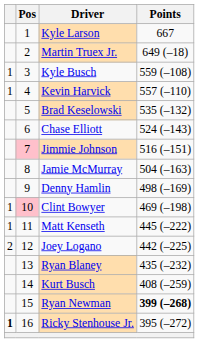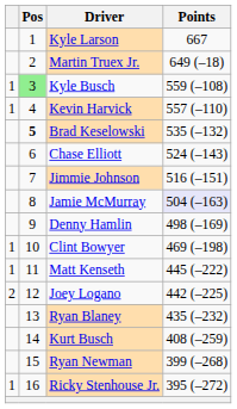 <table class="wikitable" style="font-size: 95%">
 <tr>
 <th></th>
 <th>Pos</th>
 <th>Driver</th>
 <th>Points</th>
 </tr>
 <tr>
 <td align="left"></td>
 <td style="text-align:center;">1</td>
 <td style="background:#FFDEAD;"><a href='#'>Kyle Larson</a></td>
 <td style="text-align:center;">667</td>
 </tr>
 <tr>
 <td align="left"></td>
 <td style="text-align:center;">2</td>
 <td style="background:#FFDEAD;"><a href='#'>Martin Truex Jr.</a></td>
 <td style="text-align:center;">649 (–18)</td>
 </tr>
 <tr>
 <td align="left"> 1</td>
-<td style="text-align:center;">3</td>
+<td style="background: lightgreen; text-align:center;">3</td>
 <td><a href='#'>Kyle Busch</a></td>
 <td style="text-align:center;">559 (–108)</td>
 </tr>
 <tr>
 <td align="left"> 1</td>
 <td style="text-align:center;">4</td>
 <td style="background:#FFDEAD;"><a href='#'>Kevin Harvick</a></td>
 <td style="text-align:center;">557 (–110)</td>
 </tr>
 <tr>
 <td align="left"></td>
-<td style="text-align:center;">5</td>
+<td style="text-align:center;"><strong>5</strong></td>
 <td style="background:#FFDEAD;"><a href='#'>Brad Keselowski</a></td>
 <td style="text-align:center;">535 (–132)</td>
 </tr>
 <tr>
 <td align="left"></td>
 <td style="text-align:center;">6</td>
 <td><a href='#'>Chase Elliott</a></td>
 <td style="text-align:center;">524 (–143)</td>
 </tr>
 <tr>
 <td align="left"></td>
-<td style="background: pink; text-align:center;">7</td>
+<td style="text-align:center;">7</td>
 <td style="background:#FFDEAD;"><a href='#'>Jimmie Johnson</a></td>
 <td style="text-align:center;">516 (–151)</td>
 </tr>
 <tr>
 <td align="left"></td>
 <td style="text-align:center;">8</td>
 <td><a href='#'>Jamie McMurray</a></td>
-<td style="text-align:center;">504 (–163)</td>
+<td style="background: lavender; text-align:center;">504 (–163)</td>
 </tr>
 <tr>
 <td align="left"></td>
 <td style="text-align:center;">9</td>
 <td><a href='#'>Denny Hamlin</a></td>
 <td style="text-align:center;">498 (–169)</td>
 </tr>
 <tr>
 <td align="left"> 1</td>
-<td style="background: pink; text-align:center;">10</td>
+<td style="text-align:center;">10</td>
 <td><a href='#'>Clint Bowyer</a></td>
 <td style="text-align:center;">469 (–198)</td>
 </tr>
 <tr>
 <td align="left"> 1</td>
 <td style="text-align:center;">11</td>
 <td><a href='#'>Matt Kenseth</a></td>
 <td style="text-align:center;">445 (–222)</td>
 </tr>
 <tr>
 <td align="left"> 2</td>
 <td style="text-align:center;">12</td>
 <td><a href='#'>Joey Logano</a></td>
 <td style="text-align:center;">442 (–225)</td>
 </tr>
 <tr>
 <td align="left"></td>
 <td style="text-align:center;">13</td>
 <td style="background:#FFDEAD;"><a href='#'>Ryan Blaney</a></td>
 <td style="text-align:center;">435 (–232)</td>
 </tr>
 <tr>
 <td align="left"></td>
 <td style="text-align:center;">14</td>
 <td style="background:#FFDEAD;"><a href='#'>Kurt Busch</a></td>
 <td style="text-align:center;">408 (–259)</td>
 </tr>
 <tr>
 <td align="left"></td>
 <td style="text-align:center;">15</td>
 <td style="background:#FFDEAD;"><a href='#'>Ryan Newman</a></td>
-<td style="text-align:center;"><strong>399 (–268)</strong></td>
+<td style="text-align:center;">399 (–268)</td>
 </tr>
 <tr>
-<td align="left"><strong> 1</strong></td>
+<td align="left"> 1</td>
 <td style="text-align:center;">16</td>
 <td style="background:#FFDEAD;"><a href='#'>Ricky Stenhouse Jr.</a></td>
 <td style="text-align:center;">395 (–272)</td>
 </tr>
 <tr class="sortbottom">
 <th colspan="9"></th>
 </tr>
 </table>
